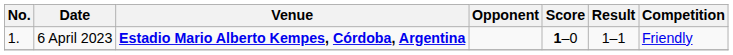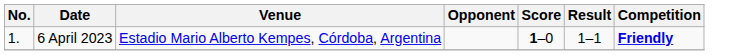 <table class="wikitable">
 <tr>
 <th>No.</th>
 <th>Date</th>
 <th>Venue</th>
 <th>Opponent</th>
 <th>Score</th>
 <th>Result</th>
 <th>Competition</th>
 </tr>
 <tr>
 <td>1.</td>
 <td>6 April 2023</td>
-<td><strong><a href='#'>Estadio Mario Alberto Kempes</a>, <a href='#'>Córdoba</a>, <a href='#'>Argentina</a></strong></td>
+<td><a href='#'>Estadio Mario Alberto Kempes</a>, <a href='#'>Córdoba</a>, <a href='#'>Argentina</a></td>
 <td></td>
 <td align=center><strong>1</strong>–0</td>
 <td align=center>1–1</td>
-<td><a href='#'>Friendly</a></td>
+<td><strong><a href='#'>Friendly</a></strong></td>
 </tr>
 <tr>
 </tr>
 </table>
